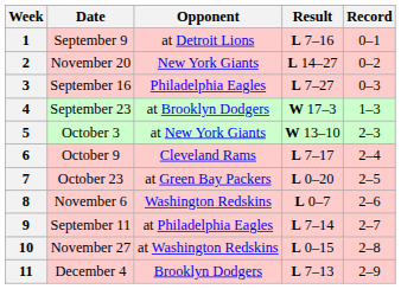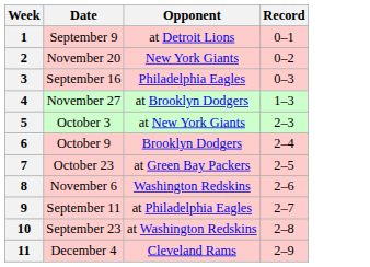 <table class="wikitable" style="text-align:center">
 <tr>
 <th>Week</th>
 <th>Date</th>
 <th>Opponent</th>
-<th>Result</th>
 <th>Record</th>
 </tr>
 <tr style="background:#fcc">
 <th>1</th>
 <td>September 9</td>
 <td>at <a href='#'>Detroit Lions</a></td>
-<td><strong>L</strong> 7–16</td>
 <td>0–1</td>
 </tr>
 <tr style="background:#fcc">
 <th>2</th>
 <td>November 20</td>
 <td><a href='#'>New York Giants</a></td>
-<td><strong>L</strong> 14–27</td>
 <td>0–2</td>
 </tr>
 <tr style="background:#fcc">
 <th>3</th>
 <td>September 16</td>
 <td><a href='#'>Philadelphia Eagles</a></td>
-<td><strong>L</strong> 7–27</td>
 <td>0–3</td>
 </tr>
 <tr style="background:#cfc">
 <th>4</th>
-<td>September 23</td>
+<td>November 27</td>
 <td>at <a href='#'>Brooklyn Dodgers</a></td>
-<td><strong>W</strong> 17–3</td>
 <td>1–3</td>
 </tr>
 <tr style="background:#cfc">
 <th>5</th>
 <td>October 3</td>
 <td>at <a href='#'>New York Giants</a></td>
-<td><strong>W</strong> 13–10</td>
 <td>2–3</td>
 </tr>
 <tr style="background:#fcc">
 <th>6</th>
 <td>October 9</td>
-<td><a href='#'>Cleveland Rams</a></td>
-<td><strong>L</strong> 7–17</td>
+<td><a href='#'>Brooklyn Dodgers</a></td>
 <td>2–4</td>
 </tr>
 <tr style="background:#fcc">
 <th>7</th>
 <td>October 23</td>
 <td>at <a href='#'>Green Bay Packers</a></td>
-<td><strong>L</strong> 0–20</td>
 <td>2–5</td>
 </tr>
 <tr style="background:#fcc">
 <th>8</th>
 <td>November 6</td>
 <td><a href='#'>Washington Redskins</a></td>
-<td><strong>L</strong> 0–7</td>
 <td>2–6</td>
 </tr>
 <tr style="background:#fcc">
 <th>9</th>
 <td>September 11</td>
 <td>at <a href='#'>Philadelphia Eagles</a></td>
-<td><strong>L</strong> 7–14</td>
 <td>2–7</td>
 </tr>
 <tr style="background:#fcc">
 <th>10</th>
-<td>November 27</td>
+<td>September 23</td>
 <td>at <a href='#'>Washington Redskins</a></td>
-<td><strong>L</strong> 0–15</td>
 <td>2–8</td>
 </tr>
 <tr style="background:#fcc">
 <th>11</th>
 <td>December 4</td>
-<td><a href='#'>Brooklyn Dodgers</a></td>
-<td><strong>L</strong> 7–13</td>
+<td><a href='#'>Cleveland Rams</a></td>
 <td>2–9</td>
 </tr>
 </table>
